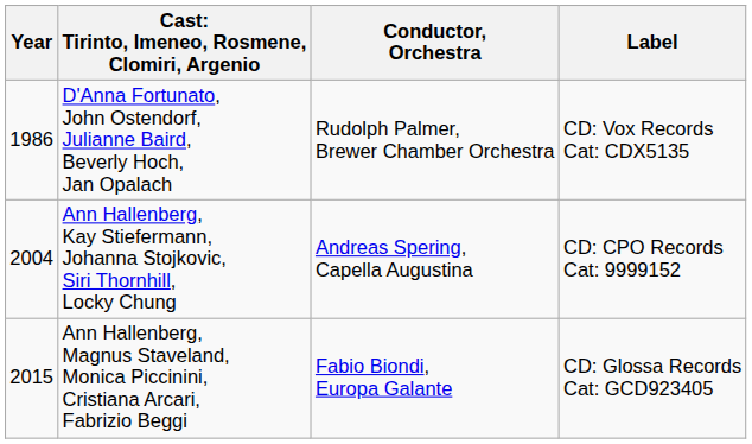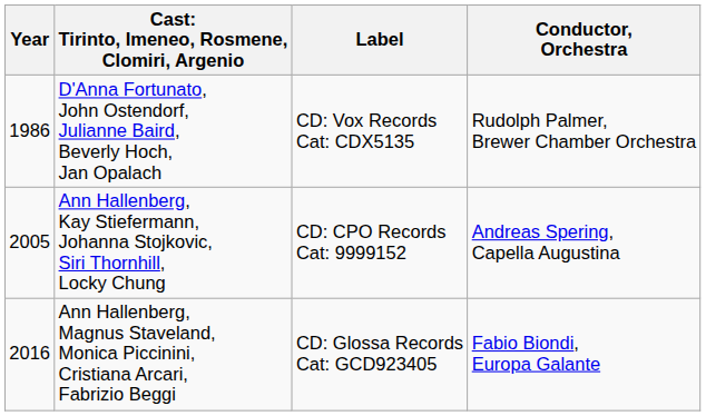 <table class="wikitable">
 <tr>
 <th>Year</th>
 <th>Cast:<br>Tirinto, Imeneo, Rosmene,<br>Clomiri, Argenio</th>
+<th>Label</th>
 <th>Conductor,<br>Orchestra<br></th>
-<th>Label</th>
 </tr>
 <tr>
 <td>1986</td>
 <td><a href='#'>D'Anna Fortunato</a>,<br>John Ostendorf,<br><a href='#'>Julianne Baird</a>,<br>Beverly Hoch,<br>Jan Opalach</td>
+<td>CD: Vox Records<br>Cat: CDX5135</td>
 <td>Rudolph Palmer,<br>Brewer Chamber Orchestra</td>
-<td>CD: Vox Records<br>Cat: CDX5135</td>
 </tr>
 <tr>
-<td>2004</td>
+<td>2005</td>
 <td><a href='#'>Ann Hallenberg</a>,<br>Kay Stiefermann,<br> Johanna Stojkovic,<br> <a href='#'>Siri Thornhill</a>,<br>Locky Chung</td>
+<td>CD: CPO Records<br>Cat: 9999152</td>
 <td><a href='#'>Andreas Spering</a>,<br>Capella Augustina</td>
-<td>CD: CPO Records<br>Cat: 9999152</td>
 </tr>
 <tr>
-<td>2015</td>
+<td>2016</td>
 <td>Ann Hallenberg,<br>Magnus Staveland,<br>Monica Piccinini,<br>Cristiana Arcari,<br>Fabrizio Beggi</td>
+<td>CD: Glossa Records<br>Cat: GCD923405</td>
 <td><a href='#'>Fabio Biondi</a>,<br><a href='#'>Europa Galante</a></td>
-<td>CD: Glossa Records<br>Cat: GCD923405</td>
 </tr>
 </table>
